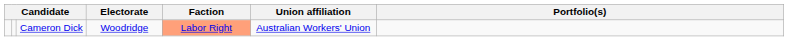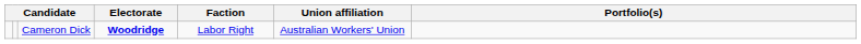 <table class="wikitable" style="text-align:center">
 <tr>
 <th width=125px; colspan=3>Candidate</th>
 <th width=115px>Electorate</th>
 <th width=135px>Faction</th>
 <th width=195px>Union affiliation</th>
 <th width=650px>Portfolio(s)</th>
 </tr>
 <tr>
 <td width="3pt" > </td>
 <td></td>
 <td><a href='#'>Cameron Dick</a></td>
-<td><a href='#'>Woodridge</a></td>
-<td style="background: lightsalmon;"><a href='#'>Labor Right</a></td>
+<td><strong><a href='#'>Woodridge</a></strong></td>
+<td><a href='#'>Labor Right</a></td>
 <td><a href='#'>Australian Workers' Union</a></td>
 <td align=left></td>
 </tr>
 </table>
